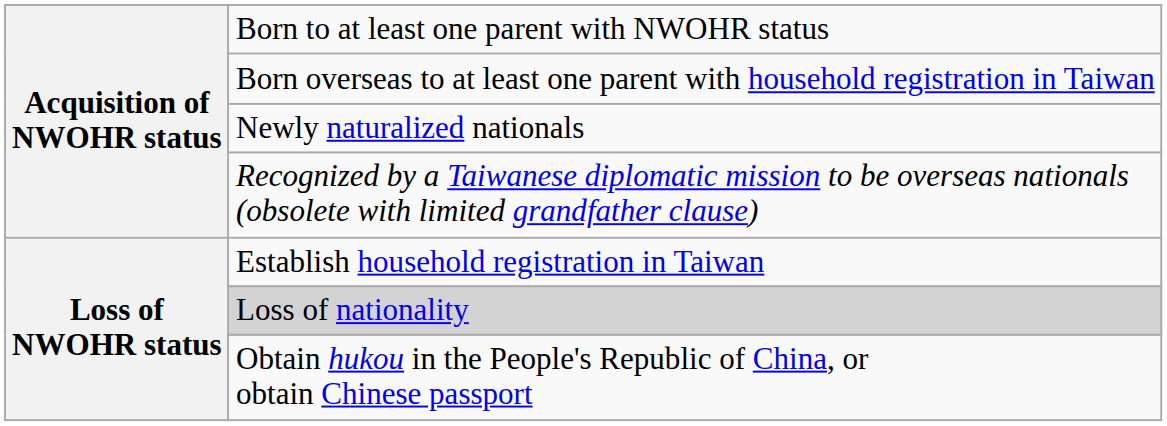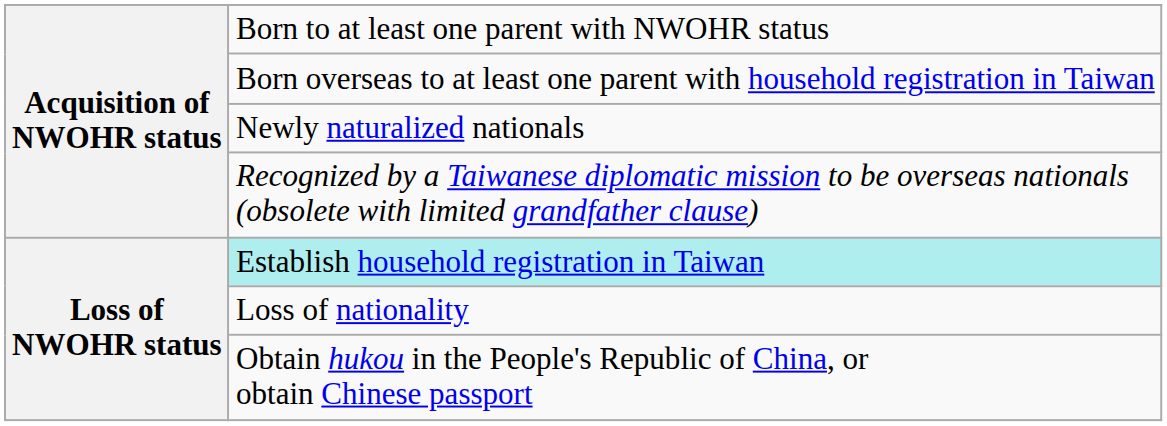 <table class=wikitable>
 <tr>
 <th rowspan=4>Acquisition of<br>NWOHR status</th>
 <td>Born to at least one parent with NWOHR status</td>
 </tr>
 <tr>
 <td>Born overseas to at least one parent with <a href='#'>household registration in Taiwan</a></td>
 </tr>
 <tr>
 <td>Newly <a href='#'>naturalized</a> nationals</td>
 </tr>
 <tr>
 <td><em>Recognized by a <a href='#'>Taiwanese diplomatic mission</a> to be overseas nationals<br>(obsolete with limited <a href='#'>grandfather clause</a>)</em></td>
 </tr>
 <tr>
 <th rowspan=3>Loss of<br>NWOHR status</th>
-<td>Establish <a href='#'>household registration in Taiwan</a></td>
+<td style="background: paleturquoise;">Establish <a href='#'>household registration in Taiwan</a></td>
 </tr>
 <tr>
-<td style="background: lightgrey;">Loss of <a href='#'>nationality</a></td>
+<td>Loss of <a href='#'>nationality</a></td>
 </tr>
 <tr>
 <td>Obtain <em><a href='#'>hukou</a></em> in the People's Republic of <a href='#'>China</a>, or<br>obtain <a href='#'>Chinese passport</a></td>
 </tr>
 </table>
